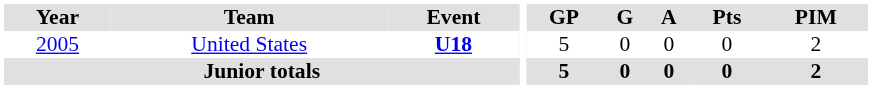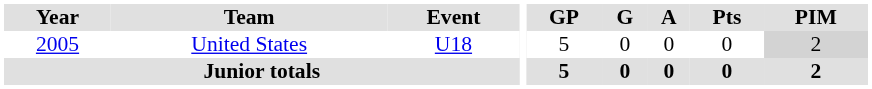 <table border="0" cellpadding="1" cellspacing="0" ID="Table3" style="text-align:center; width:40em">
 <tr ALIGN="center" bgcolor="#e0e0e0">
 <th>Year</th>
 <th>Team</th>
 <th>Event</th>
 <th rowspan="99" bgcolor="#ffffff"></th>
 <th>GP</th>
 <th>G</th>
 <th>A</th>
 <th>Pts</th>
 <th>PIM</th>
 </tr>
 <tr>
 <td><a href='#'>2005</a></td>
 <td><a href='#'>United States</a></td>
-<td><strong><a href='#'>U18</a></strong></td>
+<td><a href='#'>U18</a></td>
 <td>5</td>
 <td>0</td>
 <td>0</td>
 <td>0</td>
-<td>2</td>
+<td style="background: lightgrey;">2</td>
 </tr>
 <tr style="background:#e0e0e0;">
 <th colspan="3">Junior totals</th>
 <th>5</th>
 <th>0</th>
 <th>0</th>
 <th>0</th>
 <th>2</th>
 </tr>
 </table>
